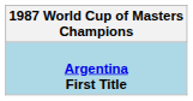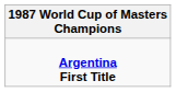 <table class="wikitable" style="text-align: center; margin: 0 auto;">
 <tr>
 <th>1987 World Cup of Masters <br> Champions</th>
 </tr>
 <tr>
-<td style="background: lightblue;"><br><strong><a href='#'>Argentina</a></strong><br><strong>First Title</strong></td>
+<td><br><strong><a href='#'>Argentina</a></strong><br><strong>First Title</strong></td>
 </tr>
 </table>
